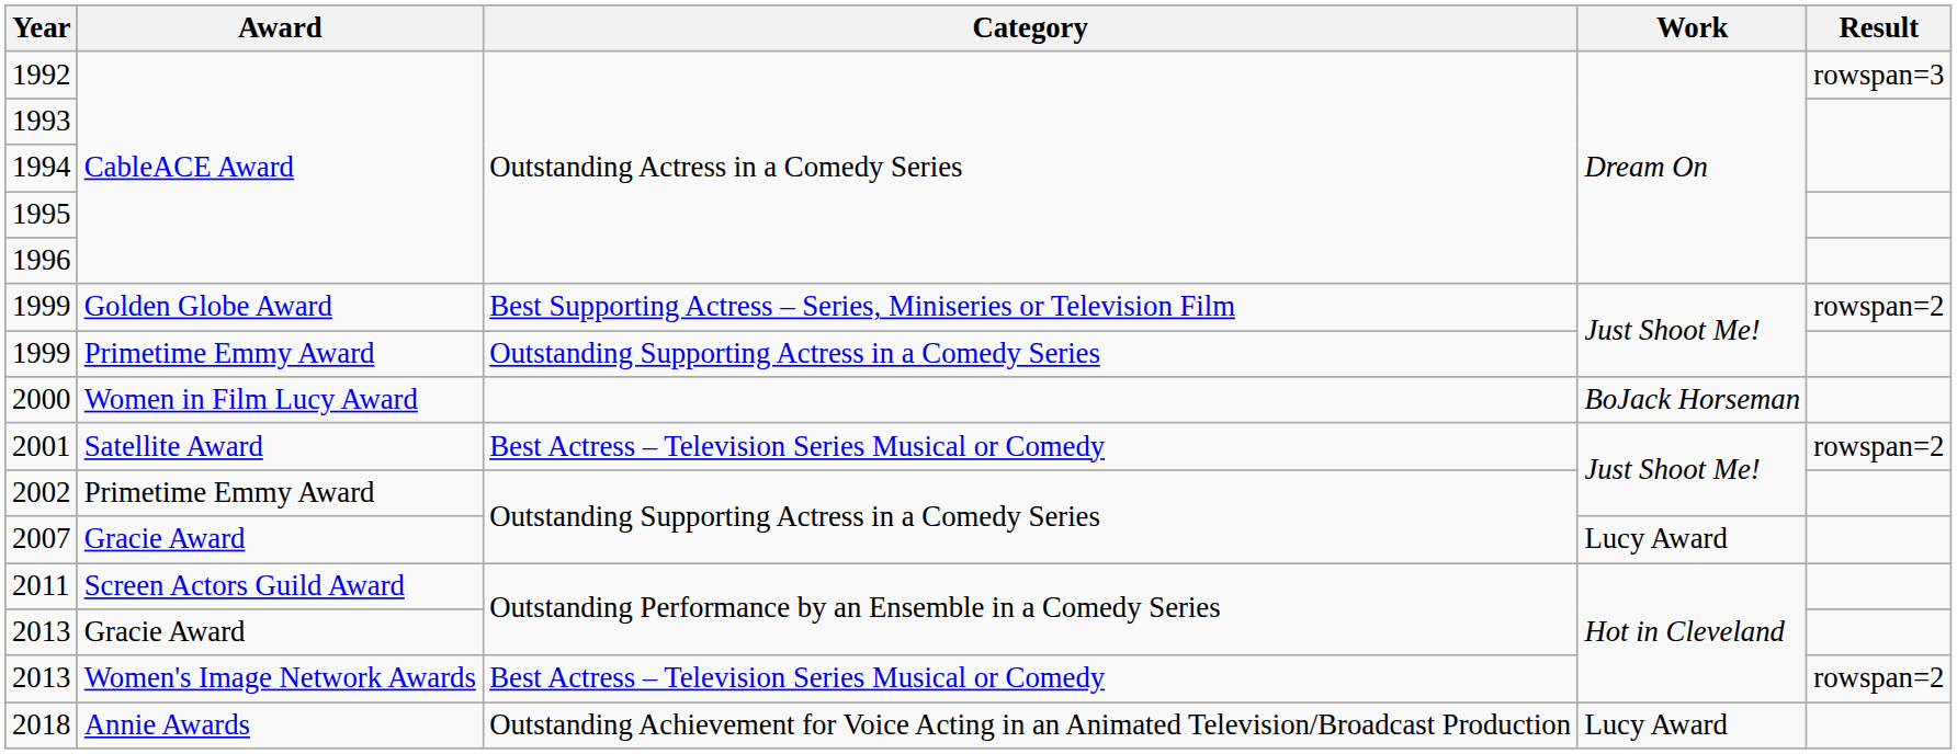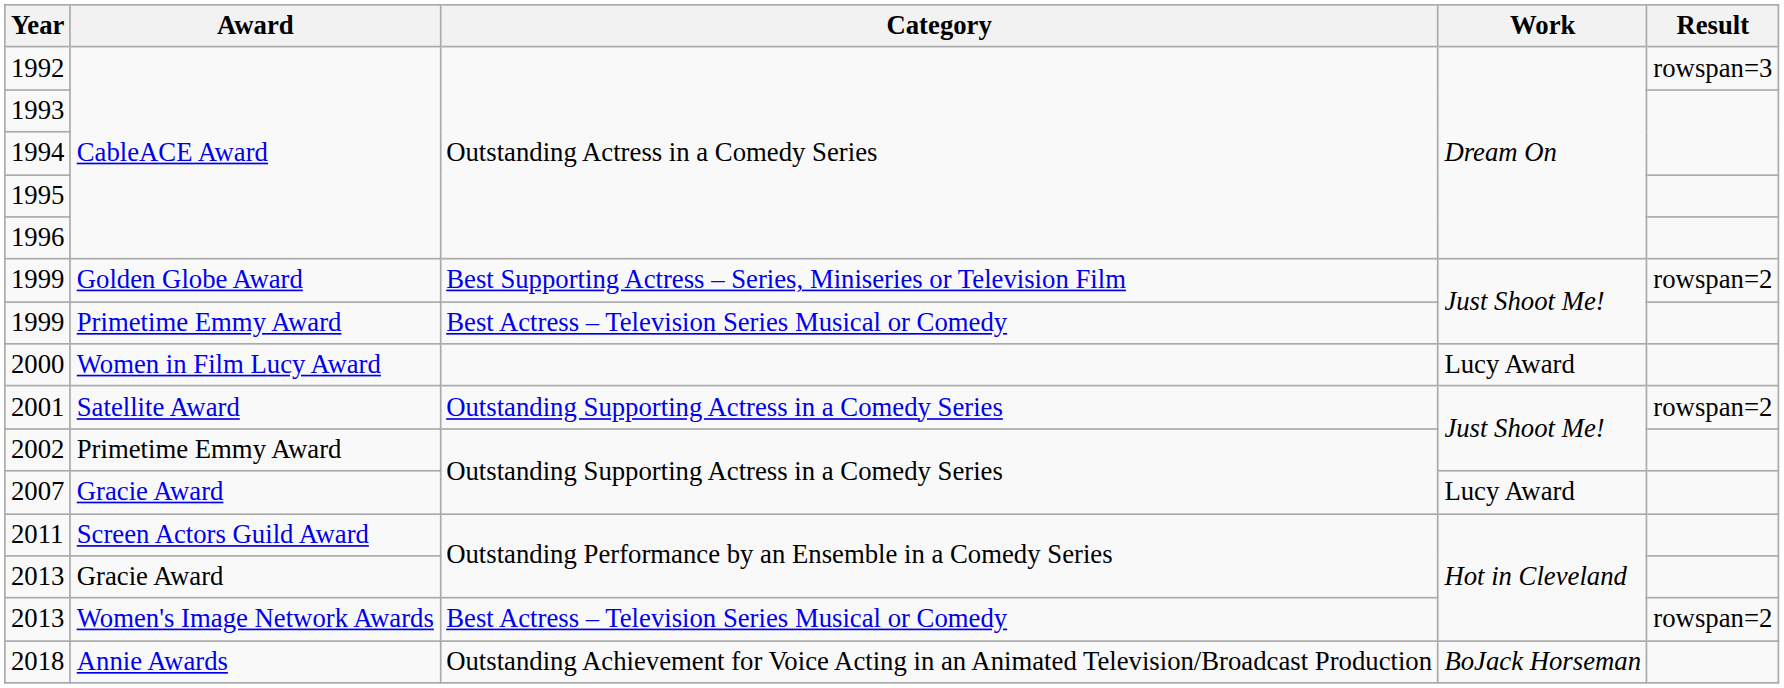 <table class="wikitable">
 <tr>
 <th>Year</th>
 <th>Award</th>
 <th>Category</th>
 <th>Work</th>
 <th>Result</th>
 </tr>
 <tr>
 <td>1992</td>
 <td rowspan=5><a href='#'>CableACE Award</a></td>
 <td rowspan=5>Outstanding Actress in a Comedy Series</td>
 <td rowspan=5><em>Dream On</em></td>
 <td>rowspan=3 </td>
 </tr>
 <tr>
 <td>1993</td>
 </tr>
 <tr>
 <td>1994</td>
 </tr>
 <tr>
 <td>1995</td>
 <td></td>
 </tr>
 <tr>
 <td>1996</td>
 <td></td>
 </tr>
 <tr>
 <td>1999</td>
 <td><a href='#'>Golden Globe Award</a></td>
 <td><a href='#'>Best Supporting Actress – Series, Miniseries or Television Film</a></td>
 <td rowspan=2><em>Just Shoot Me!</em></td>
 <td>rowspan=2 </td>
 </tr>
 <tr>
 <td>1999</td>
 <td><a href='#'>Primetime Emmy Award</a></td>
-<td><a href='#'>Outstanding Supporting Actress in a Comedy Series</a></td>
+<td><a href='#'>Best Actress – Television Series Musical or Comedy</a></td>
 </tr>
 <tr>
 <td>2000</td>
 <td><a href='#'>Women in Film Lucy Award</a></td>
 <td></td>
-<td><em>BoJack Horseman</em></td>
+<td>Lucy Award</td>
 <td></td>
 </tr>
 <tr>
 <td>2001</td>
 <td><a href='#'>Satellite Award</a></td>
-<td><a href='#'>Best Actress – Television Series Musical or Comedy</a></td>
+<td><a href='#'>Outstanding Supporting Actress in a Comedy Series</a></td>
 <td rowspan=2><em>Just Shoot Me!</em></td>
 <td>rowspan=2 </td>
 </tr>
 <tr>
 <td>2002</td>
 <td>Primetime Emmy Award</td>
 <td rowspan=2>Outstanding Supporting Actress in a Comedy Series</td>
 </tr>
 <tr>
 <td>2007</td>
 <td><a href='#'>Gracie Award</a></td>
 <td>Lucy Award</td>
 <td></td>
 </tr>
 <tr>
 <td>2011</td>
 <td><a href='#'>Screen Actors Guild Award</a></td>
 <td rowspan=2>Outstanding Performance by an Ensemble in a Comedy Series</td>
 <td rowspan=3><em>Hot in Cleveland</em></td>
 <td></td>
 </tr>
 <tr>
 <td>2013</td>
 <td>Gracie Award</td>
 <td></td>
 </tr>
 <tr>
 <td>2013</td>
 <td><a href='#'>Women's Image Network Awards</a></td>
 <td><a href='#'>Best Actress – Television Series Musical or Comedy</a></td>
 <td>rowspan=2 </td>
 </tr>
 <tr>
 <td>2018</td>
 <td><a href='#'>Annie Awards</a></td>
 <td>Outstanding Achievement for Voice Acting in an Animated Television/Broadcast Production</td>
-<td>Lucy Award</td>
+<td><em>BoJack Horseman</em></td>
 </tr>
 </table>
